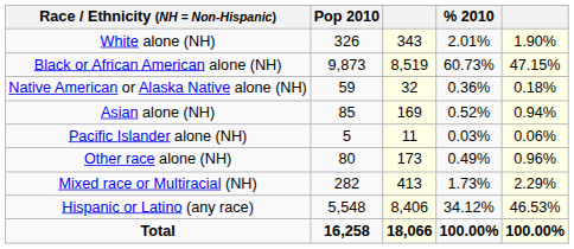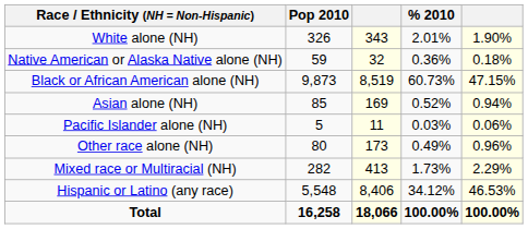 <table class="wikitable" style="text-align:center;">
 <tr>
 <th>Race / Ethnicity <small>(<em>NH = Non-Hispanic</em>)</small></th>
 <th>Pop 2010</th>
 <th></th>
 <th>% 2010</th>
 <th></th>
 </tr>
 <tr>
 <td><a href='#'>White</a> alone (NH)</td>
 <td>326</td>
 <td style='background: #ffffe6;'>343</td>
 <td>2.01%</td>
 <td style='background: #ffffe6;'>1.90%</td>
 </tr>
 <tr>
+<td><a href='#'>Native American</a> or <a href='#'>Alaska Native</a> alone (NH)</td>
+<td>59</td>
+<td style='background: #ffffe6;'>32</td>
+<td>0.36%</td>
+<td style='background: #ffffe6;'>0.18%</td>
+</tr>
+<tr>
 <td><a href='#'>Black or African American</a> alone (NH)</td>
 <td>9,873</td>
 <td style='background: #ffffe6;'>8,519</td>
 <td>60.73%</td>
 <td style='background: #ffffe6;'>47.15%</td>
-</tr>
-<tr>
-<td><a href='#'>Native American</a> or <a href='#'>Alaska Native</a> alone (NH)</td>
-<td>59</td>
-<td style='background: #ffffe6;'>32</td>
-<td>0.36%</td>
-<td style='background: #ffffe6;'>0.18%</td>
 </tr>
 <tr>
 <td><a href='#'>Asian</a> alone (NH)</td>
 <td>85</td>
 <td style='background: #ffffe6;'>169</td>
 <td>0.52%</td>
 <td style='background: #ffffe6;'>0.94%</td>
 </tr>
 <tr>
 <td><a href='#'>Pacific Islander</a> alone (NH)</td>
 <td>5</td>
 <td style='background: #ffffe6;'>11</td>
 <td>0.03%</td>
 <td style='background: #ffffe6;'>0.06%</td>
 </tr>
 <tr>
 <td><a href='#'>Other race</a> alone (NH)</td>
 <td>80</td>
 <td style='background: #ffffe6;'>173</td>
 <td>0.49%</td>
 <td style='background: #ffffe6;'>0.96%</td>
 </tr>
 <tr>
 <td><a href='#'>Mixed race or Multiracial</a> (NH)</td>
 <td>282</td>
 <td style='background: #ffffe6;'>413</td>
 <td>1.73%</td>
 <td style='background: #ffffe6;'>2.29%</td>
 </tr>
 <tr>
 <td><a href='#'>Hispanic or Latino</a> (any race)</td>
 <td>5,548</td>
 <td style='background: #ffffe6;'>8,406</td>
 <td>34.12%</td>
 <td style='background: #ffffe6;'>46.53%</td>
 </tr>
 <tr>
 <td><strong>Total</strong></td>
 <td><strong>16,258</strong></td>
 <td style='background: #ffffe6;'><strong>18,066</strong></td>
 <td><strong>100.00%</strong></td>
 <td style='background: #ffffe6;'><strong>100.00%</strong></td>
 </tr>
 </table>
